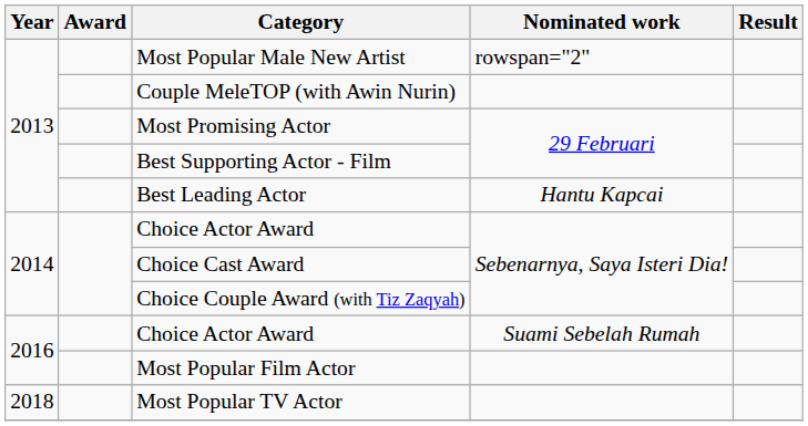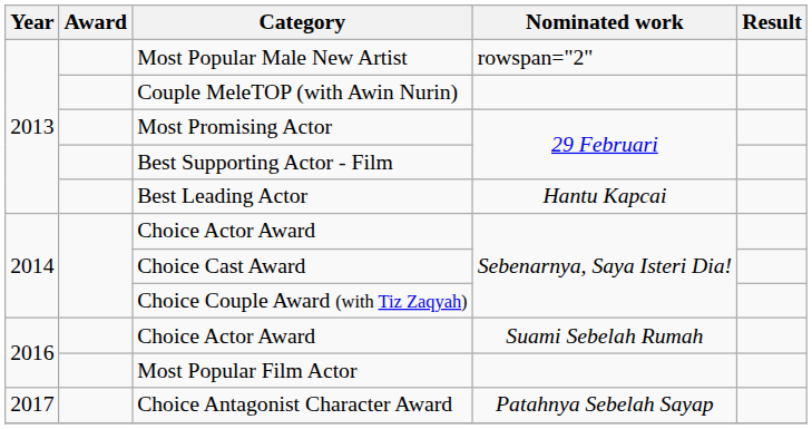 <table class="wikitable">
 <tr style="text-align:center;">
 <th>Year</th>
 <th>Award</th>
 <th>Category</th>
 <th>Nominated work</th>
 <th>Result</th>
 </tr>
 <tr>
 <td rowspan="5">2013</td>
 <td></td>
 <td>Most Popular Male New Artist</td>
 <td>rowspan="2" </td>
 <td></td>
 </tr>
 <tr>
 <td></td>
 <td>Couple MeleTOP (with Awin Nurin)</td>
 <td></td>
 </tr>
 <tr>
 <td></td>
 <td>Most Promising Actor</td>
 <td rowspan="2" style="text-align:center;"><em><a href='#'>29 Februari</a></em></td>
 <td></td>
 </tr>
 <tr>
 <td></td>
 <td>Best Supporting Actor - Film</td>
 <td></td>
 </tr>
 <tr>
 <td></td>
 <td>Best Leading Actor</td>
 <td style="text-align:center;"><em>Hantu Kapcai</em></td>
 <td></td>
 </tr>
 <tr>
 <td rowspan=3>2014</td>
 <td rowspan="3"></td>
 <td>Choice Actor Award</td>
 <td rowspan="3" style="text-align:center"><em>Sebenarnya, Saya Isteri Dia!</em></td>
 <td></td>
 </tr>
 <tr>
 <td>Choice Cast Award</td>
 <td></td>
 </tr>
 <tr>
 <td>Choice Couple Award <small>(with <a href='#'>Tiz Zaqyah</a>)</small></td>
 <td></td>
 </tr>
 <tr>
 <td rowspan=2>2016</td>
 <td></td>
 <td>Choice Actor Award</td>
 <td style="text-align:center;"><em>Suami Sebelah Rumah</em></td>
 <td></td>
 </tr>
 <tr>
 <td></td>
 <td>Most Popular Film Actor</td>
 <td></td>
 <td></td>
 </tr>
 <tr>
-<td>2018</td>
+<td>2017</td>
 <td></td>
-<td>Most Popular TV Actor</td>
-<td></td>
+<td>Choice Antagonist Character Award</td>
+<td style="text-align:center;"><em>Patahnya Sebelah Sayap</em></td>
 <td></td>
 </tr>
 <tr>
 </tr>
 </table>
